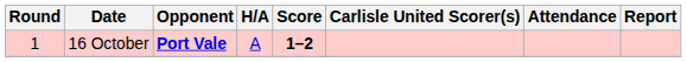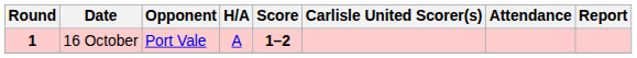 <table class="wikitable" style="text-align:center">
 <tr>
 <th>Round</th>
 <th>Date</th>
 <th>Opponent</th>
 <th>H/A</th>
 <th>Score</th>
 <th>Carlisle United Scorer(s)</th>
 <th>Attendance</th>
 <th>Report</th>
 </tr>
 <tr bgcolor=#FFCCCC>
-<td>1</td>
+<td><strong>1</strong></td>
 <td align=left>16 October</td>
-<td align=left><strong><a href='#'>Port Vale</a></strong></td>
+<td align=left><a href='#'>Port Vale</a></td>
 <td><a href='#'>A</a></td>
 <td><strong>1–2</strong></td>
 <td align=left></td>
 <td></td>
 <td></td>
 </tr>
 <tr>
 </tr>
 </table>
